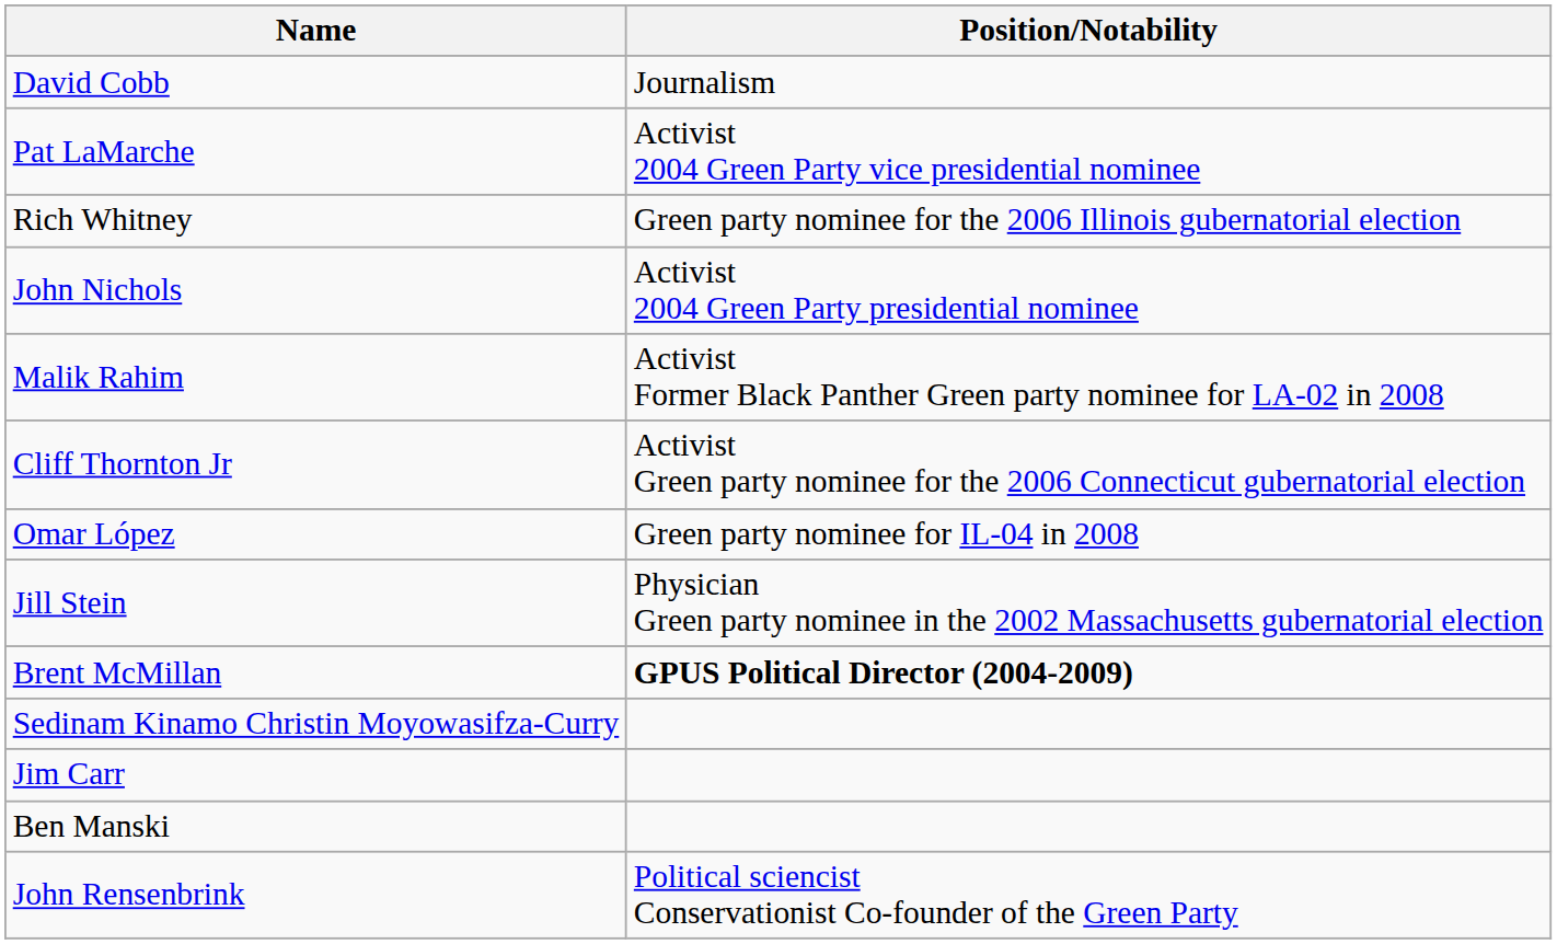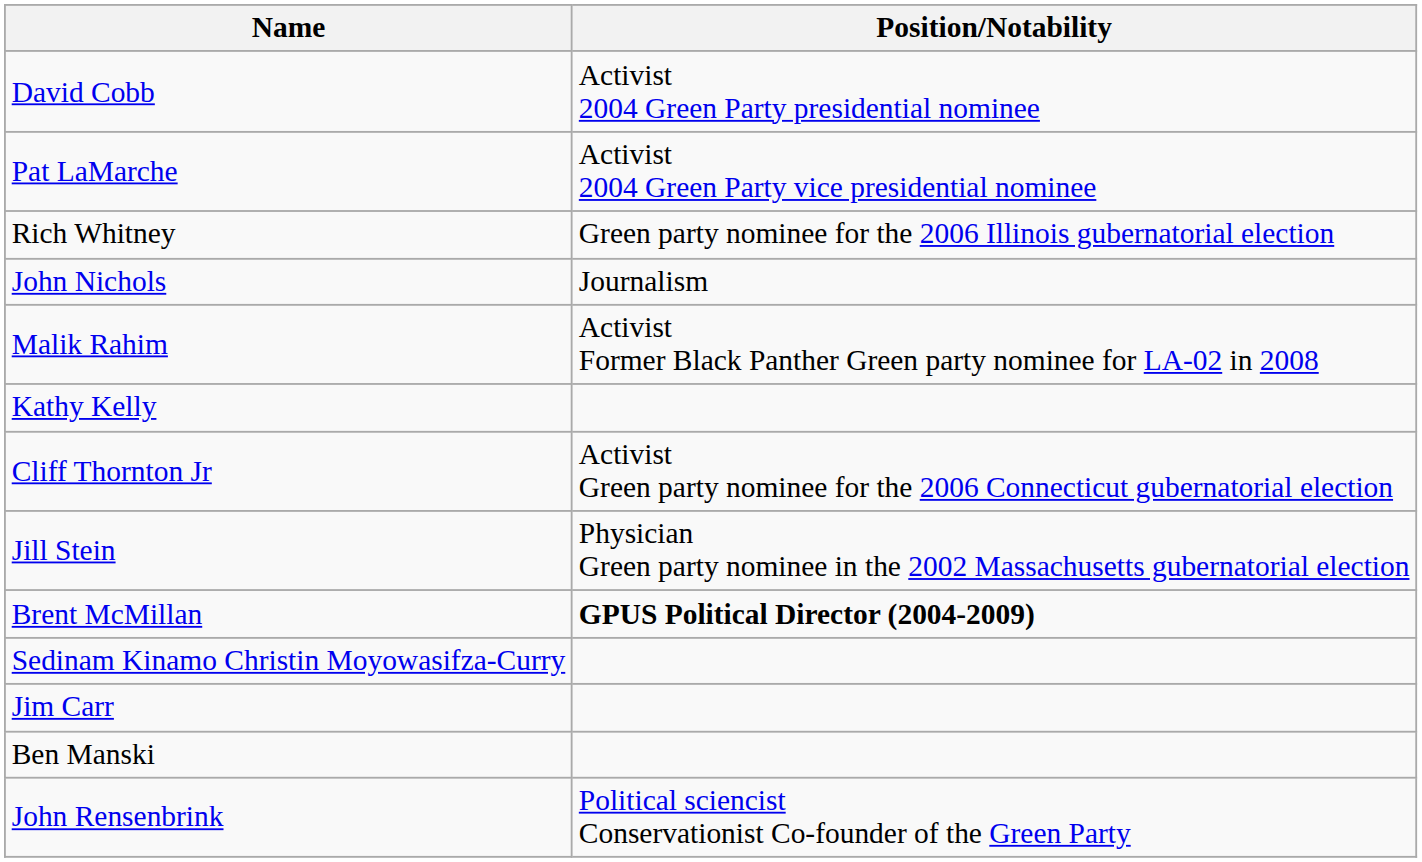 <table class="wikitable">
 <tr>
 <th>Name</th>
 <th>Position/Notability</th>
 </tr>
 <tr>
 <td><a href='#'>David Cobb</a></td>
-<td>Journalism</td>
+<td>Activist<br><a href='#'>2004 Green Party presidential nominee</a></td>
 </tr>
 <tr>
 <td><a href='#'>Pat LaMarche</a></td>
 <td>Activist<br><a href='#'>2004 Green Party vice presidential nominee</a></td>
 </tr>
 <tr>
 <td>Rich Whitney</td>
 <td>Green party nominee for the <a href='#'>2006 Illinois gubernatorial election</a></td>
 </tr>
 <tr>
 <td><a href='#'>John Nichols</a></td>
-<td>Activist<br><a href='#'>2004 Green Party presidential nominee</a></td>
+<td>Journalism</td>
 </tr>
 <tr>
 <td><a href='#'>Malik Rahim</a></td>
 <td>Activist<br>Former Black Panther Green party nominee for <a href='#'>LA-02</a> in <a href='#'>2008</a></td>
 </tr>
 <tr>
+<td><a href='#'>Kathy Kelly</a></td>
+<td></td>
+</tr>
+<tr>
 <td><a href='#'>Cliff Thornton Jr</a></td>
 <td>Activist<br>Green party nominee for the <a href='#'>2006 Connecticut gubernatorial election</a></td>
-</tr>
-<tr>
-<td><a href='#'>Omar López</a></td>
-<td>Green party nominee for <a href='#'>IL-04</a> in <a href='#'>2008</a></td>
 </tr>
 <tr>
 <td><a href='#'>Jill Stein</a></td>
 <td>Physician<br>Green party nominee in the <a href='#'>2002 Massachusetts gubernatorial election</a></td>
 </tr>
 <tr>
 <td><a href='#'>Brent McMillan</a></td>
 <td><strong>GPUS Political Director (2004-2009)</strong></td>
 </tr>
 <tr>
 <td><a href='#'>Sedinam Kinamo Christin Moyowasifza-Curry</a></td>
 <td></td>
 </tr>
 <tr>
 <td><a href='#'>Jim Carr</a></td>
 <td></td>
 </tr>
 <tr>
 <td>Ben Manski</td>
 <td></td>
 </tr>
 <tr>
 <td><a href='#'>John Rensenbrink</a></td>
 <td><a href='#'>Political sciencist</a><br>Conservationist Co-founder of the <a href='#'>Green Party</a></td>
 </tr>
 </table>
